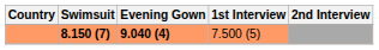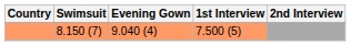 <table class="wikitable sortable collapsible">
 <tr>
 <th>Country</th>
 <th>Swimsuit</th>
 <th>Evening Gown</th>
 <th>1st Interview</th>
 <th>2nd Interview</th>
 </tr>
 <tr>
 </tr>
 <tr style="background-color:#FF9966;">
 <td></td>
-<td><strong>8.150 (7)</strong></td>
-<td><strong>9.040 (4)</strong></td>
+<td>8.150 (7)</td>
+<td>9.040 (4)</td>
 <td>7.500 (5)</td>
 <td colspan="2" bgcolor="darkgray"></td>
 </tr>
 <tr>
 </tr>
 </table>
